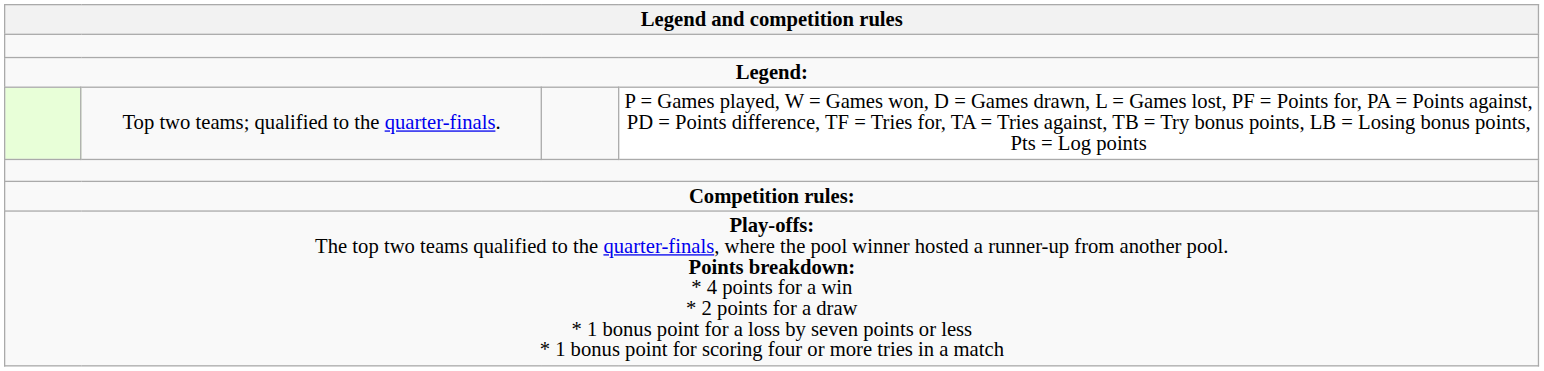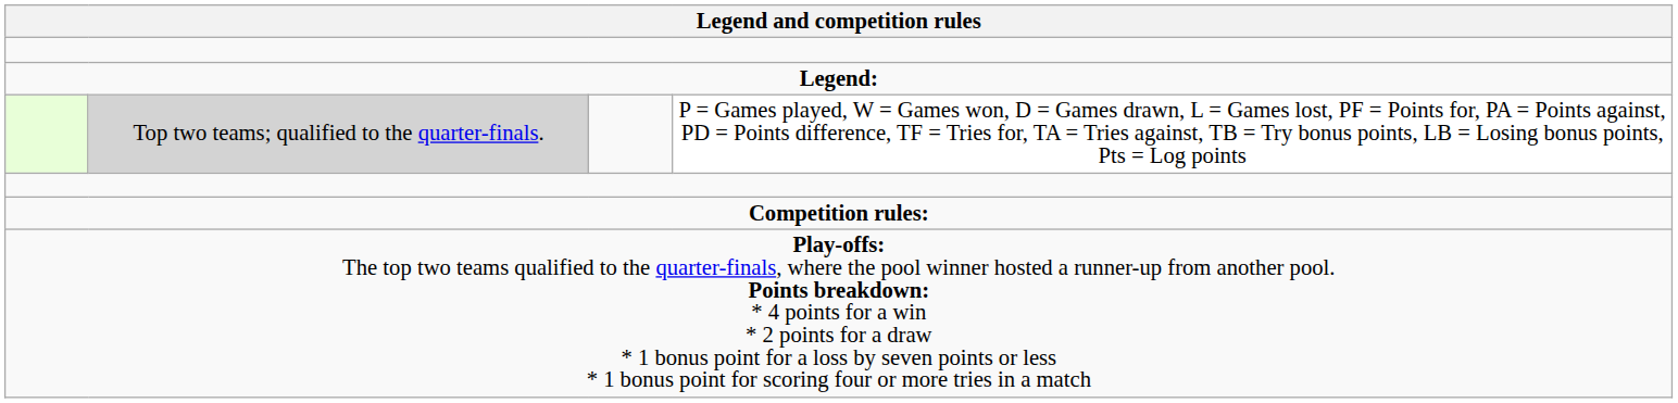 <table class="wikitable collapsible collapsed" style="text-align:center; line-height:100%; font-size:100%; width:60%;">
 <tr>
 <th colspan="100%" style="border:0px">Legend and competition rules</th>
 </tr>
 <tr>
 <td colspan="100%" style="height:10px"></td>
 </tr>
 <tr>
 <td colspan="100%" style="border:0px"><strong>Legend:</strong></td>
 </tr>
 <tr>
 <td style="height:10px; width:5%; background:#E8FFD8;"></td>
-<td style="width:30%;">Top two teams; qualified to the <a href='#'>quarter-finals</a>.</td>
+<td style="background: lightgrey; width:30%;">Top two teams; qualified to the <a href='#'>quarter-finals</a>.</td>
 <td style="width:5%;"></td>
 <td style="width:60%; background:#FFFFFF;">P = Games played, W = Games won, D = Games drawn, L = Games lost, PF = Points for, PA = Points against, PD = Points difference, TF = Tries for, TA = Tries against, TB = Try bonus points, LB = Losing bonus points, Pts = Log points</td>
 </tr>
 <tr>
 <td colspan="100%" style="height:10px"></td>
 </tr>
 <tr>
 <td colspan="100%" style="border:0px"><strong>Competition rules:</strong></td>
 </tr>
 <tr>
 <td colspan="100%"><strong>Play-offs:</strong><br>The top two teams qualified to the <a href='#'>quarter-finals</a>, where the pool winner hosted a runner-up from another pool.<br><strong>Points breakdown:</strong><br>* 4 points for a win<br>* 2 points for a draw<br>* 1 bonus point for a loss by seven points or less<br>* 1 bonus point for scoring four or more tries in a match</td>
 </tr>
 </table>
